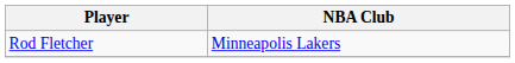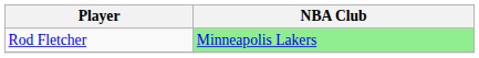 <table class="wikitable" width="500">
 <tr>
 <th>Player</th>
 <th>NBA Club</th>
 </tr>
 <tr>
 <td><a href='#'>Rod Fletcher</a></td>
-<td><a href='#'>Minneapolis Lakers</a></td>
+<td style="background: lightgreen;"><a href='#'>Minneapolis Lakers</a></td>
 </tr>
 <tr>
 </tr>
 </table>
